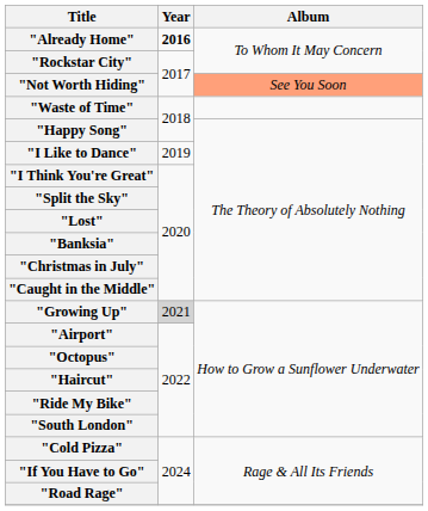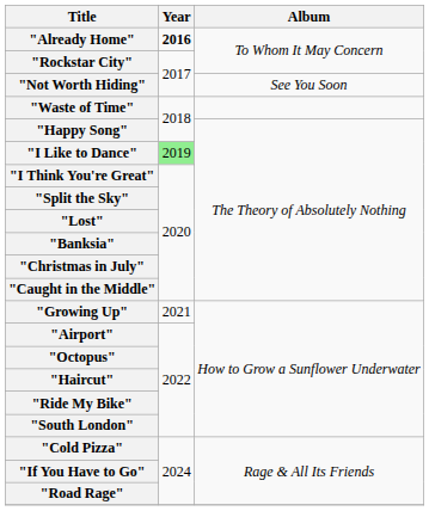 <table class="wikitable plainrowheaders" style="text-align:center;">
 <tr>
 <th>Title</th>
 <th>Year</th>
 <th>Album</th>
 </tr>
 <tr>
 <th scope="row">"Already Home"</th>
 <td><strong>2016</strong></td>
 <td rowspan="2"><em>To Whom It May Concern</em></td>
 </tr>
 <tr>
 <th scope="row">"Rockstar City"</th>
 <td rowspan="2">2017</td>
 </tr>
 <tr>
 <th scope="row">"Not Worth Hiding"</th>
-<td style="background: lightsalmon;"><em>See You Soon</em></td>
+<td><em>See You Soon</em></td>
 </tr>
 <tr>
 <th scope="row">"Waste of Time"</th>
 <td rowspan="2">2018</td>
 <td></td>
 </tr>
 <tr>
 <th scope="row">"Happy Song"<br></th>
 <td rowspan="8"><em>The Theory of Absolutely Nothing</em></td>
 </tr>
 <tr>
 <th scope="row">"I Like to Dance"</th>
-<td>2019</td>
+<td style="background: lightgreen;">2019</td>
 </tr>
 <tr>
 <th scope="row">"I Think You're Great"</th>
 <td rowspan="6">2020</td>
 </tr>
 <tr>
 <th scope="row">"Split the Sky"</th>
 </tr>
 <tr>
 <th scope="row">"Lost"</th>
 </tr>
 <tr>
 <th scope="row">"Banksia"</th>
 </tr>
 <tr>
 <th scope="row">"Christmas in July"</th>
 </tr>
 <tr>
 <th scope="row">"Caught in the Middle"</th>
 </tr>
 <tr>
 <th scope="row">"Growing Up"</th>
-<td style="background: lightgrey;">2021</td>
+<td>2021</td>
 <td rowspan="6"><em>How to Grow a Sunflower Underwater</em></td>
 </tr>
 <tr>
 <th scope="row">"Airport"</th>
 <td rowspan="5">2022</td>
 </tr>
 <tr>
 <th scope="row">"Octopus"</th>
 </tr>
 <tr>
 <th scope="row">"Haircut"</th>
 </tr>
 <tr>
 <th scope="row">"Ride My Bike"</th>
 </tr>
 <tr>
 <th scope="row">"South London"</th>
 </tr>
 <tr>
 <th scope="row">"Cold Pizza"</th>
 <td rowspan="3">2024</td>
 <td rowspan="3"><em>Rage & All Its Friends</em></td>
 </tr>
 <tr>
 <th scope="row">"If You Have to Go"</th>
 </tr>
 <tr>
 <th scope="row">"Road Rage"</th>
 </tr>
 <tr>
 </tr>
 </table>
